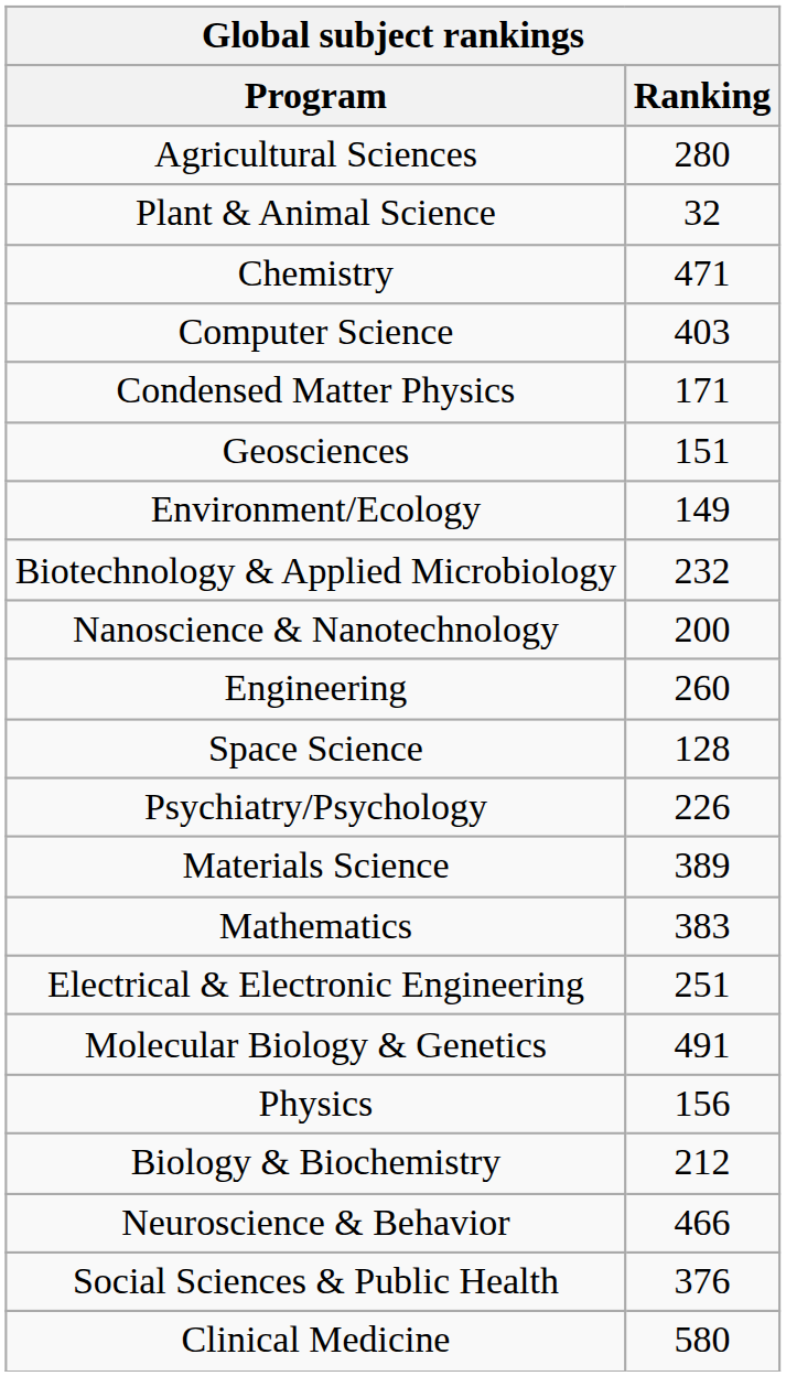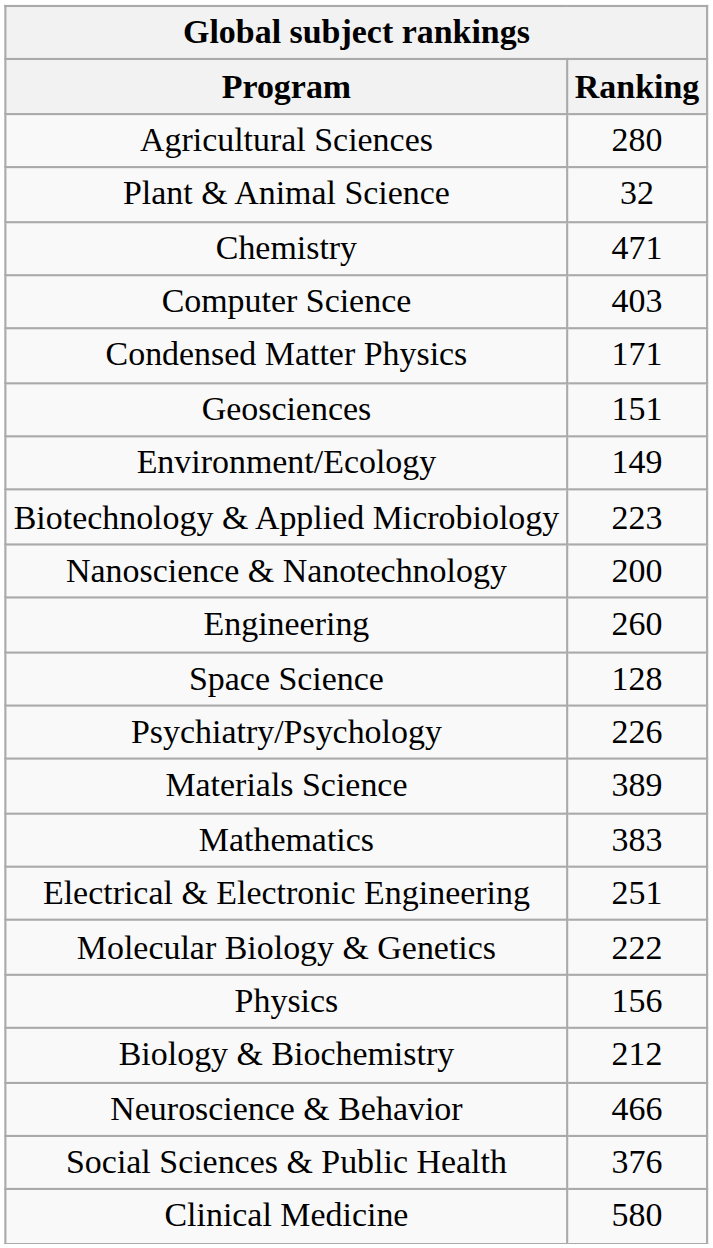 <table class="wikitable sortable collapsible collapsed" style="float:right; text-align:center">
 <tr>
 <th colspan=4>Global subject rankings</th>
 </tr>
 <tr>
 <th>Program</th>
 <th>Ranking</th>
 </tr>
 <tr>
 <td>Agricultural Sciences</td>
 <td>280</td>
 </tr>
 <tr>
 <td>Plant & Animal Science</td>
 <td>32</td>
 </tr>
 <tr>
 <td>Chemistry</td>
 <td>471</td>
 </tr>
 <tr>
 <td>Computer Science</td>
 <td>403</td>
 </tr>
 <tr>
 <td>Condensed Matter Physics</td>
 <td>171</td>
 </tr>
 <tr>
 <td>Geosciences</td>
 <td>151</td>
 </tr>
 <tr>
 <td>Environment/Ecology</td>
 <td>149</td>
 </tr>
 <tr>
 <td>Biotechnology & Applied Microbiology</td>
-<td>232</td>
+<td>223</td>
 </tr>
 <tr>
 <td>Nanoscience & Nanotechnology</td>
 <td>200</td>
 </tr>
 <tr>
 <td>Engineering</td>
 <td>260</td>
 </tr>
 <tr>
 <td>Space Science</td>
 <td>128</td>
 </tr>
 <tr>
 <td>Psychiatry/Psychology</td>
 <td>226</td>
 </tr>
 <tr>
 <td>Materials Science</td>
 <td>389</td>
 </tr>
 <tr>
 <td>Mathematics</td>
 <td>383</td>
 </tr>
 <tr>
 <td>Electrical & Electronic Engineering</td>
 <td>251</td>
 </tr>
 <tr>
 <td>Molecular Biology & Genetics</td>
-<td>491</td>
+<td>222</td>
 </tr>
 <tr>
 <td>Physics</td>
 <td>156</td>
 </tr>
 <tr>
 <td>Biology & Biochemistry</td>
 <td>212</td>
 </tr>
 <tr>
 <td>Neuroscience & Behavior</td>
 <td>466</td>
 </tr>
 <tr>
 <td>Social Sciences & Public Health</td>
 <td>376</td>
 </tr>
 <tr>
 <td>Clinical Medicine</td>
 <td>580</td>
 </tr>
 </table>
